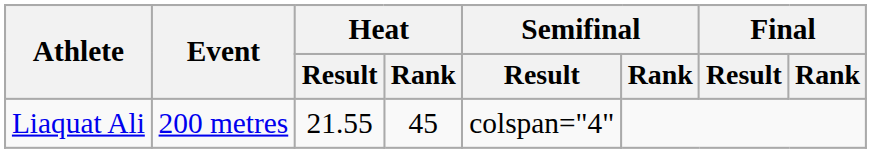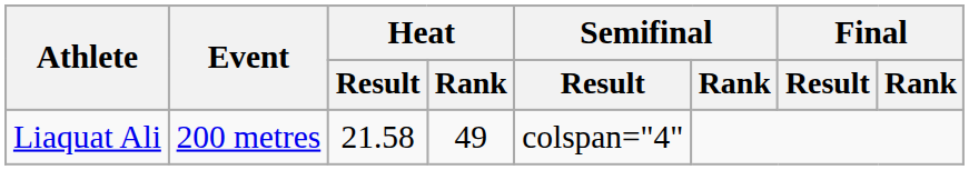 <table class="wikitable" style="font-size:90%">
 <tr>
 <th rowspan="2">Athlete</th>
 <th rowspan="2">Event</th>
 <th colspan="2">Heat</th>
 <th colspan="2">Semifinal</th>
 <th colspan="2">Final</th>
 </tr>
 <tr style="font-size:95%">
 <th>Result</th>
 <th>Rank</th>
 <th>Result</th>
 <th>Rank</th>
 <th>Result</th>
 <th>Rank</th>
 </tr>
 <tr style=text-align:center>
 <td style=text-align:left><a href='#'>Liaquat Ali</a></td>
 <td style=text-align:left><a href='#'>200 metres</a></td>
-<td>21.55</td>
-<td>45</td>
+<td>21.58</td>
+<td>49</td>
 <td>colspan="4" </td>
 </tr>
 </table>
